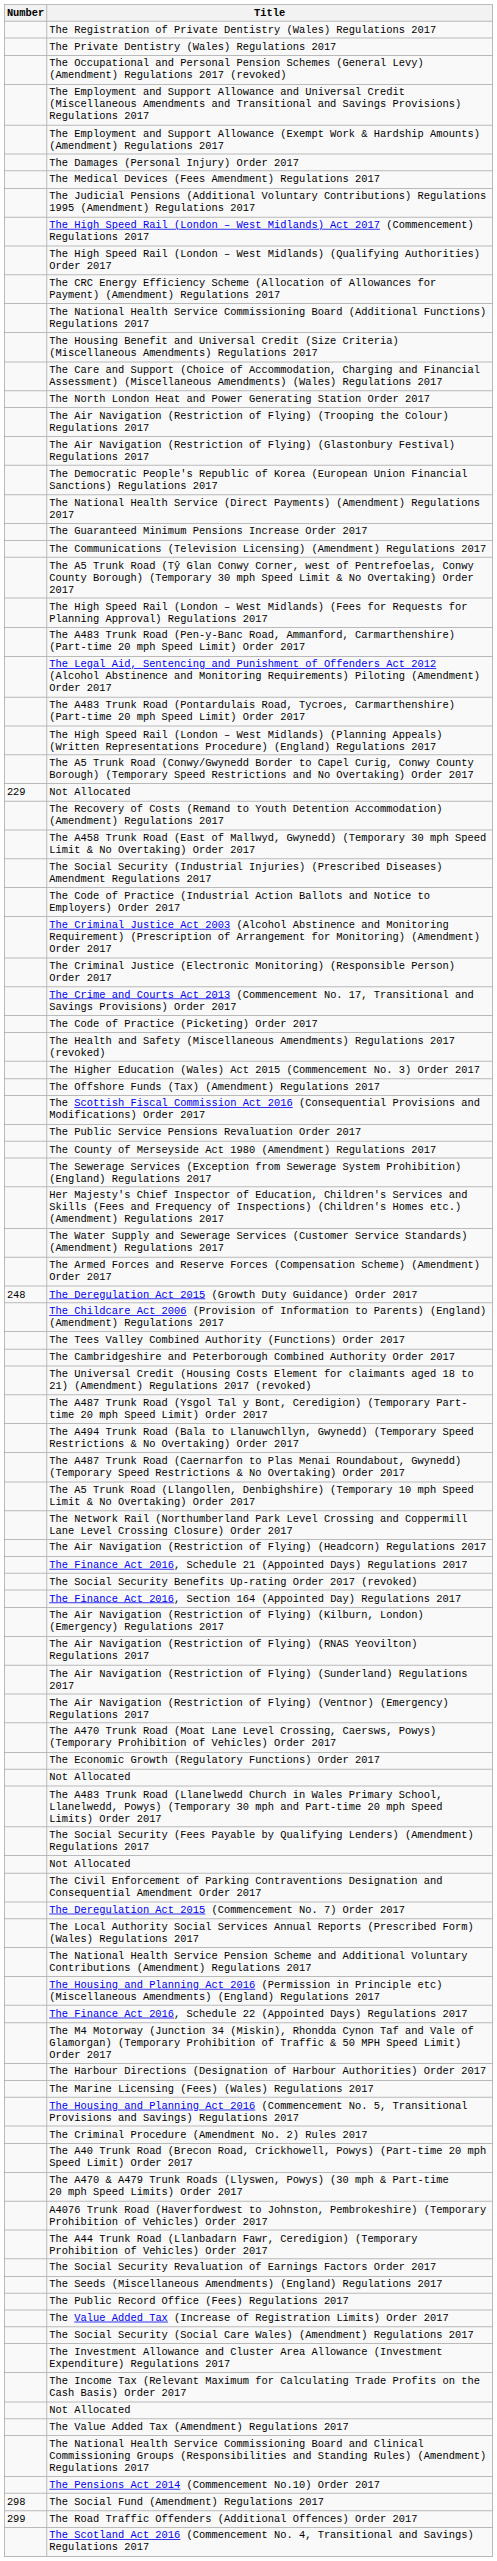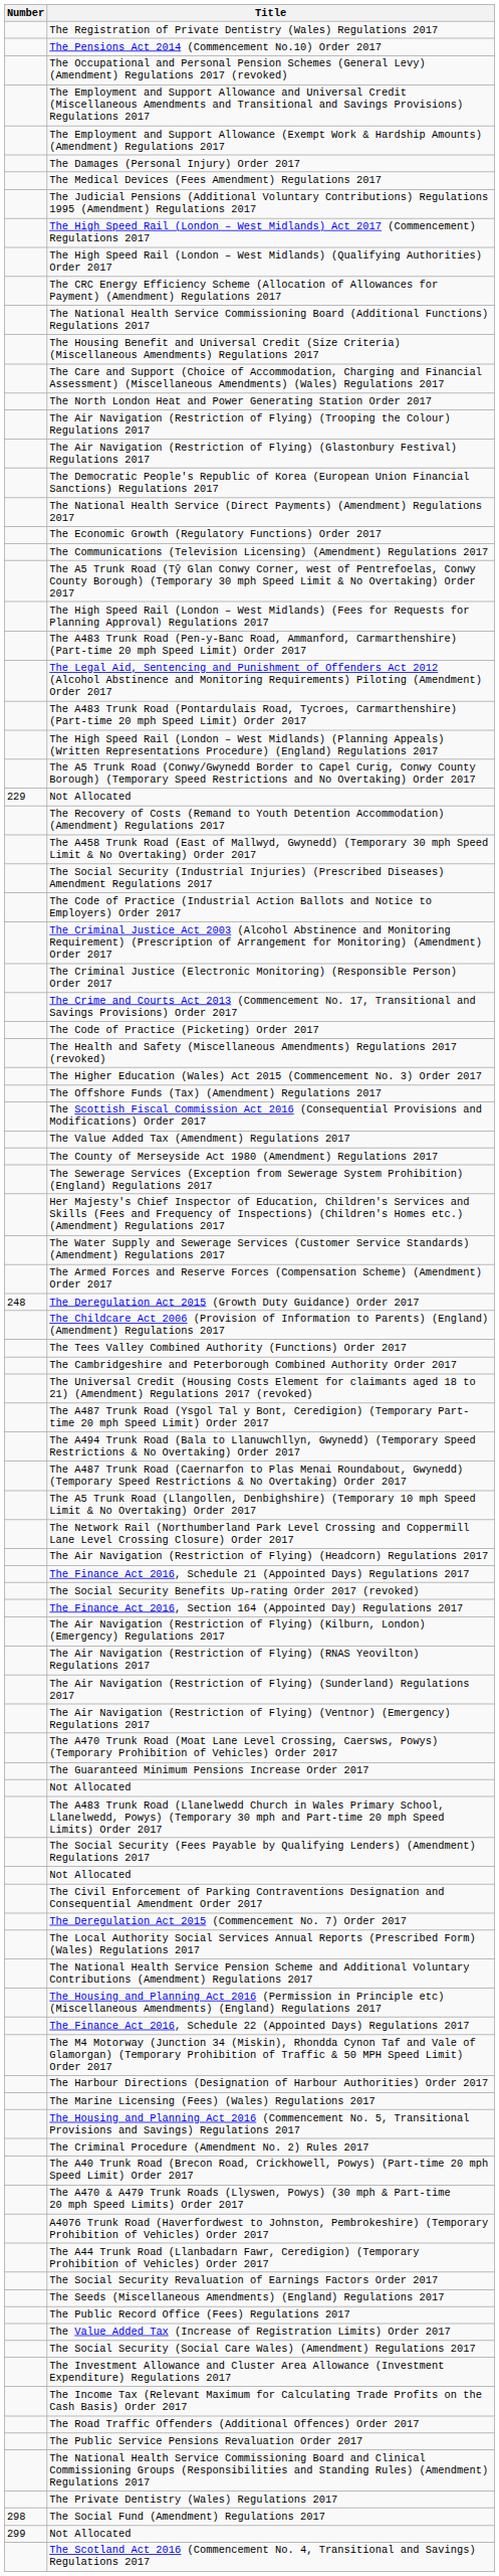 <table class="wikitable collapsible">
 <tr>
 <th>Number</th>
 <th>Title</th>
 </tr>
 <tr>
 <td></td>
 <td>The Registration of Private Dentistry (Wales) Regulations 2017</td>
 </tr>
 <tr>
 <td></td>
-<td>The Private Dentistry (Wales) Regulations 2017</td>
+<td><a href='#'>The Pensions Act 2014</a> (Commencement No.10) Order 2017</td>
 </tr>
 <tr>
 <td></td>
 <td>The Occupational and Personal Pension Schemes (General Levy) (Amendment) Regulations 2017 (revoked)</td>
 </tr>
 <tr>
 <td></td>
 <td>The Employment and Support Allowance and Universal Credit (Miscellaneous Amendments and Transitional and Savings Provisions) Regulations 2017</td>
 </tr>
 <tr>
 <td></td>
 <td>The Employment and Support Allowance (Exempt Work & Hardship Amounts) (Amendment) Regulations 2017</td>
 </tr>
 <tr>
 <td></td>
 <td>The Damages (Personal Injury) Order 2017</td>
 </tr>
 <tr>
 <td></td>
 <td>The Medical Devices (Fees Amendment) Regulations 2017</td>
 </tr>
 <tr>
 <td></td>
 <td>The Judicial Pensions (Additional Voluntary Contributions) Regulations 1995 (Amendment) Regulations 2017</td>
 </tr>
 <tr>
 <td></td>
 <td><a href='#'>The High Speed Rail (London – West Midlands) Act 2017</a> (Commencement) Regulations 2017</td>
 </tr>
 <tr>
 <td></td>
 <td>The High Speed Rail (London – West Midlands) (Qualifying Authorities) Order 2017</td>
 </tr>
 <tr>
 <td></td>
 <td>The CRC Energy Efficiency Scheme (Allocation of Allowances for Payment) (Amendment) Regulations 2017</td>
 </tr>
 <tr>
 <td></td>
 <td>The National Health Service Commissioning Board (Additional Functions) Regulations 2017</td>
 </tr>
 <tr>
 <td></td>
 <td>The Housing Benefit and Universal Credit (Size Criteria) (Miscellaneous Amendments) Regulations 2017</td>
 </tr>
 <tr>
 <td></td>
 <td>The Care and Support (Choice of Accommodation, Charging and Financial Assessment) (Miscellaneous Amendments) (Wales) Regulations 2017</td>
 </tr>
 <tr>
 <td></td>
 <td>The North London Heat and Power Generating Station Order 2017</td>
 </tr>
 <tr>
 <td></td>
 <td>The Air Navigation (Restriction of Flying) (Trooping the Colour) Regulations 2017</td>
 </tr>
 <tr>
 <td></td>
 <td>The Air Navigation (Restriction of Flying) (Glastonbury Festival) Regulations 2017</td>
 </tr>
 <tr>
 <td></td>
 <td>The Democratic People's Republic of Korea (European Union Financial Sanctions) Regulations 2017</td>
 </tr>
 <tr>
 <td></td>
 <td>The National Health Service (Direct Payments) (Amendment) Regulations 2017</td>
 </tr>
 <tr>
 <td></td>
-<td>The Guaranteed Minimum Pensions Increase Order 2017</td>
+<td>The Economic Growth (Regulatory Functions) Order 2017</td>
 </tr>
 <tr>
 <td></td>
 <td>The Communications (Television Licensing) (Amendment) Regulations 2017</td>
 </tr>
 <tr>
 <td></td>
 <td>The A5 Trunk Road (Tŷ Glan Conwy Corner, west of Pentrefoelas, Conwy County Borough) (Temporary 30 mph Speed Limit & No Overtaking) Order 2017</td>
 </tr>
 <tr>
 <td></td>
 <td>The High Speed Rail (London – West Midlands) (Fees for Requests for Planning Approval) Regulations 2017</td>
 </tr>
 <tr>
 <td></td>
 <td>The A483 Trunk Road (Pen-y-Banc Road, Ammanford, Carmarthenshire) (Part-time 20 mph Speed Limit) Order 2017</td>
 </tr>
 <tr>
 <td></td>
 <td><a href='#'>The Legal Aid, Sentencing and Punishment of Offenders Act 2012</a> (Alcohol Abstinence and Monitoring Requirements) Piloting (Amendment) Order 2017</td>
 </tr>
 <tr>
 <td></td>
 <td>The A483 Trunk Road (Pontardulais Road, Tycroes, Carmarthenshire) (Part-time 20 mph Speed Limit) Order 2017</td>
 </tr>
 <tr>
 <td></td>
 <td>The High Speed Rail (London – West Midlands) (Planning Appeals) (Written Representations Procedure) (England) Regulations 2017</td>
 </tr>
 <tr>
 <td></td>
 <td>The A5 Trunk Road (Conwy/Gwynedd Border to Capel Curig, Conwy County Borough) (Temporary Speed Restrictions and No Overtaking) Order 2017</td>
 </tr>
 <tr>
 <td>229</td>
 <td>Not Allocated</td>
 </tr>
 <tr>
 <td></td>
 <td>The Recovery of Costs (Remand to Youth Detention Accommodation) (Amendment) Regulations 2017</td>
 </tr>
 <tr>
 <td></td>
 <td>The A458 Trunk Road (East of Mallwyd, Gwynedd) (Temporary 30 mph Speed Limit & No Overtaking) Order 2017</td>
 </tr>
 <tr>
 <td></td>
 <td>The Social Security (Industrial Injuries) (Prescribed Diseases) Amendment Regulations 2017</td>
 </tr>
 <tr>
 <td></td>
 <td>The Code of Practice (Industrial Action Ballots and Notice to Employers) Order 2017</td>
 </tr>
 <tr>
 <td></td>
 <td><a href='#'>The Criminal Justice Act 2003</a> (Alcohol Abstinence and Monitoring Requirement) (Prescription of Arrangement for Monitoring) (Amendment) Order 2017</td>
 </tr>
 <tr>
 <td></td>
 <td>The Criminal Justice (Electronic Monitoring) (Responsible Person) Order 2017</td>
 </tr>
 <tr>
 <td></td>
 <td><a href='#'>The Crime and Courts Act 2013</a> (Commencement No. 17, Transitional and Savings Provisions) Order 2017</td>
 </tr>
 <tr>
 <td></td>
 <td>The Code of Practice (Picketing) Order 2017</td>
 </tr>
 <tr>
 <td></td>
 <td>The Health and Safety (Miscellaneous Amendments) Regulations 2017 (revoked)</td>
 </tr>
 <tr>
 <td></td>
 <td>The Higher Education (Wales) Act 2015 (Commencement No. 3) Order 2017</td>
 </tr>
 <tr>
 <td></td>
 <td>The Offshore Funds (Tax) (Amendment) Regulations 2017</td>
 </tr>
 <tr>
 <td></td>
 <td>The <a href='#'>Scottish Fiscal Commission Act 2016</a> (Consequential Provisions and Modifications) Order 2017</td>
 </tr>
 <tr>
 <td></td>
-<td>The Public Service Pensions Revaluation Order 2017</td>
+<td>The Value Added Tax (Amendment) Regulations 2017</td>
 </tr>
 <tr>
 <td></td>
 <td>The County of Merseyside Act 1980 (Amendment) Regulations 2017</td>
 </tr>
 <tr>
 <td></td>
 <td>The Sewerage Services (Exception from Sewerage System Prohibition) (England) Regulations 2017</td>
 </tr>
 <tr>
 <td></td>
 <td>Her Majesty's Chief Inspector of Education, Children's Services and Skills (Fees and Frequency of Inspections) (Children's Homes etc.) (Amendment) Regulations 2017</td>
 </tr>
 <tr>
 <td></td>
 <td>The Water Supply and Sewerage Services (Customer Service Standards) (Amendment) Regulations 2017</td>
 </tr>
 <tr>
 <td></td>
 <td>The Armed Forces and Reserve Forces (Compensation Scheme) (Amendment) Order 2017</td>
 </tr>
 <tr>
 <td>248</td>
 <td><a href='#'>The Deregulation Act 2015</a> (Growth Duty Guidance) Order 2017</td>
 </tr>
 <tr>
 <td></td>
 <td><a href='#'>The Childcare Act 2006</a> (Provision of Information to Parents) (England) (Amendment) Regulations 2017</td>
 </tr>
 <tr>
 <td></td>
 <td>The Tees Valley Combined Authority (Functions) Order 2017</td>
 </tr>
 <tr>
 <td></td>
 <td>The Cambridgeshire and Peterborough Combined Authority Order 2017</td>
 </tr>
 <tr>
 <td></td>
 <td>The Universal Credit (Housing Costs Element for claimants aged 18 to 21) (Amendment) Regulations 2017 (revoked)</td>
 </tr>
 <tr>
 <td></td>
 <td>The A487 Trunk Road (Ysgol Tal y Bont, Ceredigion) (Temporary Part-time 20 mph Speed Limit) Order 2017</td>
 </tr>
 <tr>
 <td></td>
 <td>The A494 Trunk Road (Bala to Llanuwchllyn, Gwynedd) (Temporary Speed Restrictions & No Overtaking) Order 2017</td>
 </tr>
 <tr>
 <td></td>
 <td>The A487 Trunk Road (Caernarfon to Plas Menai Roundabout, Gwynedd) (Temporary Speed Restrictions & No Overtaking) Order 2017</td>
 </tr>
 <tr>
 <td></td>
 <td>The A5 Trunk Road (Llangollen, Denbighshire) (Temporary 10 mph Speed Limit & No Overtaking) Order 2017</td>
 </tr>
 <tr>
 <td></td>
 <td>The Network Rail (Northumberland Park Level Crossing and Coppermill Lane Level Crossing Closure) Order 2017</td>
 </tr>
 <tr>
 <td></td>
 <td>The Air Navigation (Restriction of Flying) (Headcorn) Regulations 2017</td>
 </tr>
 <tr>
 <td></td>
 <td><a href='#'>The Finance Act 2016</a>, Schedule 21 (Appointed Days) Regulations 2017</td>
 </tr>
 <tr>
 <td></td>
 <td>The Social Security Benefits Up-rating Order 2017 (revoked)</td>
 </tr>
 <tr>
 <td></td>
 <td><a href='#'>The Finance Act 2016</a>, Section 164 (Appointed Day) Regulations 2017</td>
 </tr>
 <tr>
 <td></td>
 <td>The Air Navigation (Restriction of Flying) (Kilburn, London) (Emergency) Regulations 2017</td>
 </tr>
 <tr>
 <td></td>
 <td>The Air Navigation (Restriction of Flying) (RNAS Yeovilton) Regulations 2017</td>
 </tr>
 <tr>
 <td></td>
 <td>The Air Navigation (Restriction of Flying) (Sunderland) Regulations 2017</td>
 </tr>
 <tr>
 <td></td>
 <td>The Air Navigation (Restriction of Flying) (Ventnor) (Emergency) Regulations 2017</td>
 </tr>
 <tr>
 <td></td>
 <td>The A470 Trunk Road (Moat Lane Level Crossing, Caersws, Powys) (Temporary Prohibition of Vehicles) Order 2017</td>
 </tr>
 <tr>
 <td></td>
-<td>The Economic Growth (Regulatory Functions) Order 2017</td>
+<td>The Guaranteed Minimum Pensions Increase Order 2017</td>
 </tr>
 <tr>
 <td></td>
 <td>Not Allocated</td>
 </tr>
 <tr>
 <td></td>
 <td>The A483 Trunk Road (Llanelwedd Church in Wales Primary School, Llanelwedd, Powys) (Temporary 30 mph and Part-time 20 mph Speed Limits) Order 2017</td>
 </tr>
 <tr>
 <td></td>
 <td>The Social Security (Fees Payable by Qualifying Lenders) (Amendment) Regulations 2017</td>
 </tr>
 <tr>
 <td></td>
 <td>Not Allocated</td>
 </tr>
 <tr>
 <td></td>
 <td>The Civil Enforcement of Parking Contraventions Designation and Consequential Amendment Order 2017</td>
 </tr>
 <tr>
 <td></td>
 <td><a href='#'>The Deregulation Act 2015</a> (Commencement No. 7) Order 2017</td>
 </tr>
 <tr>
 <td></td>
 <td>The Local Authority Social Services Annual Reports (Prescribed Form) (Wales) Regulations 2017</td>
 </tr>
 <tr>
 <td></td>
 <td>The National Health Service Pension Scheme and Additional Voluntary Contributions (Amendment) Regulations 2017</td>
 </tr>
 <tr>
 <td></td>
 <td><a href='#'>The Housing and Planning Act 2016</a> (Permission in Principle etc) (Miscellaneous Amendments) (England) Regulations 2017</td>
 </tr>
 <tr>
 <td></td>
 <td><a href='#'>The Finance Act 2016</a>, Schedule 22 (Appointed Days) Regulations 2017</td>
 </tr>
 <tr>
 <td></td>
 <td>The M4 Motorway (Junction 34 (Miskin), Rhondda Cynon Taf and Vale of Glamorgan) (Temporary Prohibition of Traffic & 50 MPH Speed Limit) Order 2017</td>
 </tr>
 <tr>
 <td></td>
 <td>The Harbour Directions (Designation of Harbour Authorities) Order 2017</td>
 </tr>
 <tr>
 <td></td>
 <td>The Marine Licensing (Fees) (Wales) Regulations 2017</td>
 </tr>
 <tr>
 <td></td>
 <td><a href='#'>The Housing and Planning Act 2016</a> (Commencement No. 5, Transitional Provisions and Savings) Regulations 2017</td>
 </tr>
 <tr>
 <td></td>
 <td>The Criminal Procedure (Amendment No. 2) Rules 2017</td>
 </tr>
 <tr>
 <td></td>
 <td>The A40 Trunk Road (Brecon Road, Crickhowell, Powys) (Part-time 20 mph Speed Limit) Order 2017</td>
 </tr>
 <tr>
 <td></td>
 <td>The A470 & A479 Trunk Roads (Llyswen, Powys) (30 mph & Part-time 20 mph Speed Limits) Order 2017</td>
 </tr>
 <tr>
 <td></td>
 <td>A4076 Trunk Road (Haverfordwest to Johnston, Pembrokeshire) (Temporary Prohibition of Vehicles) Order 2017</td>
 </tr>
 <tr>
 <td></td>
 <td>The A44 Trunk Road (Llanbadarn Fawr, Ceredigion) (Temporary Prohibition of Vehicles) Order 2017</td>
 </tr>
 <tr>
 <td></td>
 <td>The Social Security Revaluation of Earnings Factors Order 2017</td>
 </tr>
 <tr>
 <td></td>
 <td>The Seeds (Miscellaneous Amendments) (England) Regulations 2017</td>
 </tr>
 <tr>
 <td></td>
 <td>The Public Record Office (Fees) Regulations 2017</td>
 </tr>
 <tr>
 <td></td>
 <td>The <a href='#'>Value Added Tax</a> (Increase of Registration Limits) Order 2017</td>
 </tr>
 <tr>
 <td></td>
 <td>The Social Security (Social Care Wales) (Amendment) Regulations 2017</td>
 </tr>
 <tr>
 <td></td>
 <td>The Investment Allowance and Cluster Area Allowance (Investment Expenditure) Regulations 2017</td>
 </tr>
 <tr>
 <td></td>
 <td>The Income Tax (Relevant Maximum for Calculating Trade Profits on the Cash Basis) Order 2017</td>
 </tr>
 <tr>
 <td></td>
-<td>Not Allocated</td>
+<td>The Road Traffic Offenders (Additional Offences) Order 2017</td>
 </tr>
 <tr>
 <td></td>
-<td>The Value Added Tax (Amendment) Regulations 2017</td>
+<td>The Public Service Pensions Revaluation Order 2017</td>
 </tr>
 <tr>
 <td></td>
 <td>The National Health Service Commissioning Board and Clinical Commissioning Groups (Responsibilities and Standing Rules) (Amendment) Regulations 2017</td>
 </tr>
 <tr>
 <td></td>
-<td><a href='#'>The Pensions Act 2014</a> (Commencement No.10) Order 2017</td>
+<td>The Private Dentistry (Wales) Regulations 2017</td>
 </tr>
 <tr>
 <td>298</td>
 <td>The Social Fund (Amendment) Regulations 2017</td>
 </tr>
 <tr>
 <td>299</td>
-<td>The Road Traffic Offenders (Additional Offences) Order 2017</td>
+<td>Not Allocated</td>
 </tr>
 <tr>
 <td></td>
 <td><a href='#'>The Scotland Act 2016</a> (Commencement No. 4, Transitional and Savings) Regulations 2017</td>
 </tr>
 </table>
